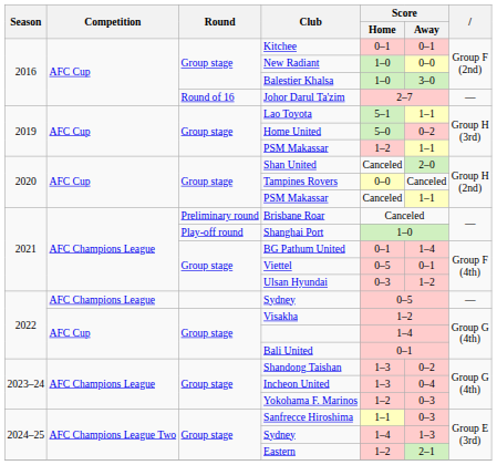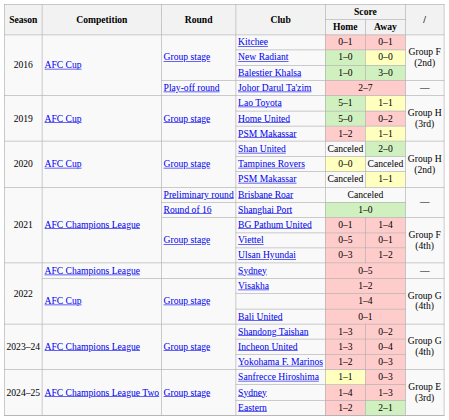 <table class="wikitable">
 <tr>
 <th rowspan=2>Season</th>
 <th rowspan=2>Competition</th>
 <th rowspan=2>Round</th>
 <th rowspan=2>Club</th>
 <th colspan="2">Score</th>
 <th rowspan=2> / </th>
 </tr>
 <tr>
 <th>Home</th>
 <th>Away</th>
 </tr>
 <tr>
 <td rowspan=4 style="text-align:center;">2016</td>
 <td rowspan=4><a href='#'>AFC Cup</a></td>
 <td rowspan=3><a href='#'>Group stage</a></td>
 <td> <a href='#'>Kitchee</a></td>
 <td bgcolor=#FFCCCC style="text-align:center;">0–1</td>
 <td bgcolor=#FFCCCC style="text-align:center;">0–1</td>
 <td rowspan=3; style="text-align:center;">Group F<br>(2nd)</td>
 </tr>
 <tr>
 <td> <a href='#'>New Radiant</a></td>
 <td bgcolor=#D0F0C0 style="text-align:center;">1–0</td>
 <td bgcolor=#FFFFBF style="text-align:center;">0–0</td>
 </tr>
 <tr>
 <td> <a href='#'>Balestier Khalsa</a></td>
 <td bgcolor=#D0F0C0 style="text-align:center;">1–0</td>
 <td bgcolor=#D0F0C0 style="text-align:center;">3–0</td>
 </tr>
 <tr>
-<td><a href='#'>Round of 16</a></td>
+<td rowspan="1" style="text-align:center:"><a href='#'>Play-off round</a></td>
 <td> <a href='#'>Johor Darul Ta'zim</a></td>
 <td colspan=2; bgcolor=#FFCCCC style="text-align:center;">2–7</td>
 <td style="text-align:center;">—</td>
 </tr>
 <tr>
 <td rowspan=3 style="text-align:center;">2019</td>
 <td rowspan="3"><a href='#'>AFC Cup</a></td>
 <td rowspan="3"><a href='#'>Group stage</a></td>
 <td> <a href='#'>Lao Toyota</a></td>
 <td bgcolor=#D0F0C0 style="text-align:center;">5–1</td>
 <td bgcolor=#FFFFBF style="text-align:center;">1–1</td>
 <td rowspan=3; style="text-align:center;">Group H<br>(3rd)</td>
 </tr>
 <tr>
 <td> <a href='#'>Home United</a></td>
 <td bgcolor=#D0F0C0 style="text-align:center;">5–0</td>
 <td bgcolor=#FFCCCC style="text-align:center;">0–2</td>
 </tr>
 <tr>
 <td> <a href='#'>PSM Makassar</a></td>
 <td bgcolor=#FFCCCC style="text-align:center;">1–2</td>
 <td bgcolor=#FFFFBF style="text-align:center;">1–1</td>
 </tr>
 <tr>
 <td rowspan="3" style="text-align:center;">2020</td>
 <td rowspan="3"><a href='#'>AFC Cup</a></td>
 <td rowspan="3"><a href='#'>Group stage</a></td>
 <td> <a href='#'>Shan United</a></td>
 <td style="text-align:center;">Canceled</td>
 <td bgcolor=#D0F0C0 style="text-align:center;">2–0</td>
 <td rowspan="3" style="text-align:center;">Group H<br>(2nd)</td>
 </tr>
 <tr>
 <td> <a href='#'>Tampines Rovers</a></td>
 <td bgcolor=#FFFFBF style="text-align:center;">0–0</td>
 <td style="text-align:center;">Canceled</td>
 </tr>
 <tr>
 <td> <a href='#'>PSM Makassar</a></td>
 <td style="text-align:center;">Canceled</td>
 <td bgcolor=#FFFFBF style="text-align:center;">1–1</td>
 </tr>
 <tr>
 <td rowspan="5" style="text-align:center;">2021</td>
 <td rowspan="5"><a href='#'>AFC Champions League</a></td>
 <td rowspan="1"><a href='#'>Preliminary round</a></td>
 <td> <a href='#'>Brisbane Roar</a></td>
 <td colspan=2 align=center>Canceled</td>
 <td style="text-align:center;" rowspan=2>—</td>
 </tr>
 <tr>
-<td rowspan="1" style="text-align:center:"><a href='#'>Play-off round</a></td>
+<td><a href='#'>Round of 16</a></td>
 <td> <a href='#'>Shanghai Port</a></td>
 <td colspan=2; bgcolor=#D0F0C0 style="text-align:center;">1–0</td>
 </tr>
 <tr>
 <td rowspan="3"><a href='#'>Group stage</a></td>
 <td> <a href='#'>BG Pathum United</a></td>
 <td style="text-align:center;" bgcolor=#FFCCCC>0–1</td>
 <td style="text-align:center;" bgcolor=#FFCCCC>1–4</td>
 <td rowspan="3" style="text-align:center;">Group F<br>(4th)</td>
 </tr>
 <tr>
 <td> <a href='#'>Viettel</a></td>
 <td style="text-align:center;" bgcolor=#FFCCCC>0–5</td>
 <td style="text-align:center;" bgcolor=#FFCCCC>0–1</td>
 </tr>
 <tr>
 <td> <a href='#'>Ulsan Hyundai</a></td>
 <td style="text-align:center;" bgcolor=#FFCCCC>0–3</td>
 <td style="text-align:center;" bgcolor=#FFCCCC>1–2</td>
 </tr>
 <tr>
 <td rowspan="4" style="text-align:center;">2022</td>
 <td><a href='#'>AFC Champions League</a></td>
 <td></td>
 <td> <a href='#'>Sydney</a></td>
 <td colspan=2; bgcolor=#FFCCCC style="text-align:center;">0–5</td>
 <td style="text-align:center;">—</td>
 </tr>
 <tr>
 <td rowspan="3"><a href='#'>AFC Cup</a></td>
 <td rowspan="3"><a href='#'>Group stage</a></td>
 <td> <a href='#'>Visakha</a></td>
 <td colspan=2; style="text-align:center;" bgcolor=#FFCCCC>1–2</td>
 <td style="text-align:center;" rowspan=3>Group G<br>(4th)</td>
 </tr>
 <tr>
 <td></td>
 <td colspan=2; style="text-align:center;" bgcolor=#FFCCCC>1–4</td>
 </tr>
 <tr>
 <td> <a href='#'>Bali United</a></td>
 <td colspan=2; style="text-align:center;"bgcolor=#FFCCCC>0–1</td>
 </tr>
 <tr>
 <td rowspan="3" style="text-align:center;">2023–24</td>
 <td rowspan="3"><a href='#'>AFC Champions League</a></td>
 <td rowspan="3"><a href='#'>Group stage</a></td>
 <td> <a href='#'>Shandong Taishan</a></td>
 <td bgcolor=#FFCCCC style="text-align:center;">1–3</td>
 <td bgcolor=#FFCCCC style="text-align:center;">0–2</td>
 <td rowspan="3" style="text-align:center;">Group G<br>(4th)</td>
 </tr>
 <tr>
 <td> <a href='#'>Incheon United</a></td>
 <td bgcolor=#FFCCCC style="text-align:center;">1–3</td>
 <td bgcolor=#FFCCCC style="text-align:center;">0–4</td>
 </tr>
 <tr>
 <td> <a href='#'>Yokohama F. Marinos</a></td>
 <td bgcolor=#FFCCCC style="text-align:center;">1–2</td>
 <td bgcolor=#FFCCCC style="text-align:center;">0–3</td>
 </tr>
 <tr>
 <td rowspan="3">2024–25</td>
 <td rowspan="3"><a href='#'>AFC Champions League Two</a></td>
 <td rowspan="3"><a href='#'>Group stage</a></td>
 <td> <a href='#'>Sanfrecce Hiroshima</a></td>
 <td bgcolor=#FFFFBF style="text-align:center;">1–1</td>
 <td bgcolor=#FFCCCC style="text-align:center;">0–3</td>
 <td rowspan="3" style="text-align:center;">Group E<br>(3rd)</td>
 </tr>
 <tr>
 <td> <a href='#'>Sydney</a></td>
 <td bgcolor=#FFCCCC style="text-align:center;">1–4</td>
 <td bgcolor=#FFCCCC style="text-align:center;">1–3</td>
 </tr>
 <tr>
 <td> <a href='#'>Eastern</a></td>
 <td bgcolor=#FFCCCC style="text-align:center;">1–2</td>
 <td bgcolor=#D0F0C0 style="text-align:center;">2–1</td>
 </tr>
 <tr>
 </tr>
 </table>
